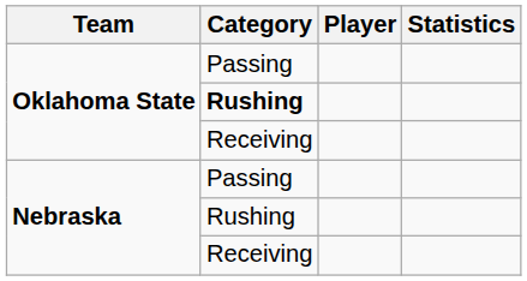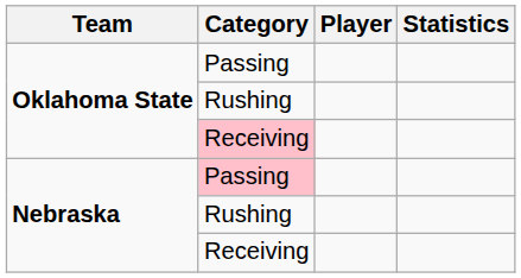 <table class="wikitable" style="float: right;">
 <tr>
 <th>Team</th>
 <th>Category</th>
 <th>Player</th>
 <th>Statistics</th>
 </tr>
 <tr>
 <td rowspan=3><strong>Oklahoma State</strong></td>
 <td>Passing</td>
 <td></td>
 <td></td>
 </tr>
 <tr>
-<td><strong>Rushing</strong></td>
+<td>Rushing</td>
 <td></td>
 <td></td>
 </tr>
 <tr>
-<td>Receiving</td>
+<td style="background: pink;">Receiving</td>
 <td></td>
 <td></td>
 </tr>
 <tr>
 <td rowspan=3><strong>Nebraska</strong></td>
-<td>Passing</td>
+<td style="background: pink;">Passing</td>
 <td></td>
 <td></td>
 </tr>
 <tr>
 <td>Rushing</td>
 <td></td>
 <td></td>
 </tr>
 <tr>
 <td>Receiving</td>
 <td></td>
 <td></td>
 </tr>
 </table>
